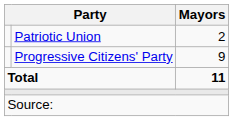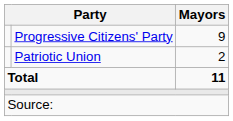 <table class="wikitable" style="text-align:right">
 <tr>
 <th colspan="2">Party</th>
 <th>Mayors</th>
 </tr>
 <tr>
 <td width="1"></td>
-<td align="left"><a href='#'>Patriotic Union</a></td>
-<td>2</td>
+<td align="left"><a href='#'>Progressive Citizens' Party</a></td>
+<td>9</td>
 </tr>
 <tr>
 <td width="1"></td>
-<td align="left"><a href='#'>Progressive Citizens' Party</a></td>
-<td>9</td>
+<td align="left"><a href='#'>Patriotic Union</a></td>
+<td>2</td>
 </tr>
 <tr>
 <td colspan="2" align="left"><strong>Total</strong></td>
 <td><strong>11</strong></td>
 </tr>
 <tr>
 <td colspan="3" style="color:inherit;background:#E9E9E9"></td>
 </tr>
 <tr>
 <td colspan="3" align="left">Source: </td>
 </tr>
 </table>
